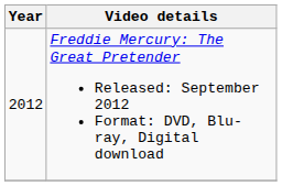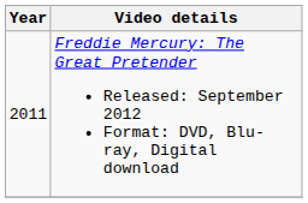 <table class="wikitable" border="1">
 <tr>
 <th width="25" rowspan="1">Year</th>
 <th width="200" rowspan="1">Video details</th>
 </tr>
 <tr>
-<td>2012</td>
+<td>2011</td>
 <td><em><a href='#'>Freddie Mercury: The Great Pretender</a></em><br><ul><li>Released: September 2012</li><li>Format: DVD, Blu-ray, Digital download</li></ul></td>
 </tr>
 <tr>
 </tr>
 </table>
